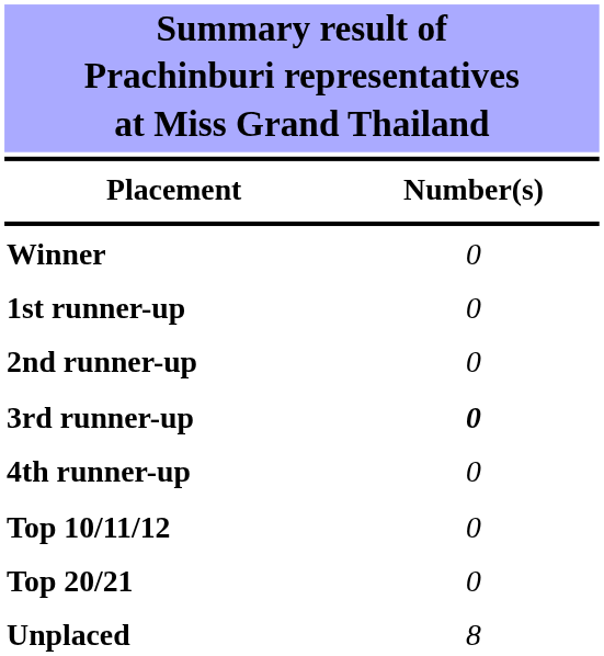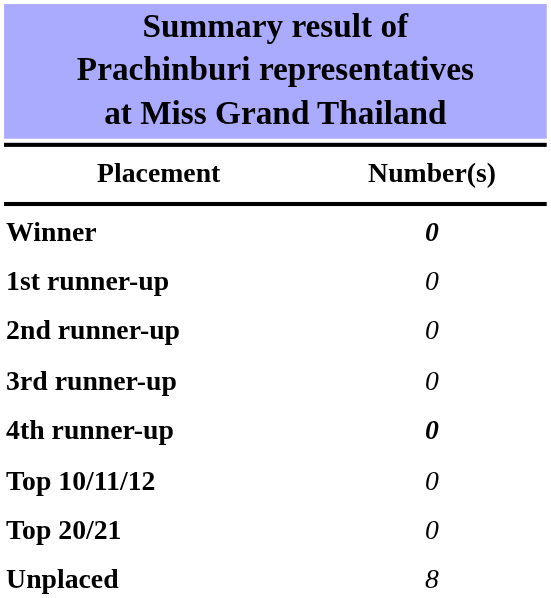 <table style="width: 270px; font-size:85%; line-height:1.5em;">
 <tr>
 <th colspan="2" align="center" style="background:#AAF;"><big>Summary result of<br>Prachinburi representatives<br>at Miss Grand Thailand</big></th>
 </tr>
 <tr>
 <td colspan="2" style="background:black"></td>
 </tr>
 <tr>
 <th scope="col">Placement</th>
 <th scope="col">Number(s)</th>
 </tr>
 <tr>
 <td colspan="2" style="background:black"></td>
 </tr>
 <tr>
 <td align="left"><strong>Winner</strong></td>
-<td align="center"><em>0</em></td>
+<td align="center"><strong><em>0</em></strong></td>
 </tr>
 <tr>
 <td align="left"><strong>1st runner-up</strong></td>
 <td align="center"><em>0</em></td>
 </tr>
 <tr>
 <td align="left"><strong>2nd runner-up</strong></td>
 <td align="center"><em>0</em></td>
 </tr>
 <tr>
 <td align="left"><strong>3rd runner-up</strong></td>
-<td align="center"><strong><em>0</em></strong></td>
+<td align="center"><em>0</em></td>
 </tr>
 <tr>
 <td align="left"><strong>4th runner-up</strong></td>
-<td align="center"><em>0</em></td>
+<td align="center"><strong><em>0</em></strong></td>
 </tr>
 <tr>
 <td align="left"><strong>Top 10/11/12</strong></td>
 <td align="center"><em>0</em></td>
 </tr>
 <tr>
 <td align="left"><strong>Top 20/21</strong></td>
 <td align="center"><em>0</em></td>
 </tr>
 <tr>
 <td align="left"><strong>Unplaced</strong></td>
 <td align="center"><em>8</em></td>
 </tr>
 </table>
